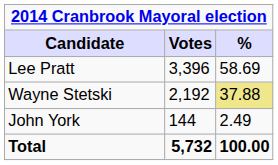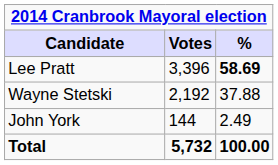 <table class="wikitable sortable">
 <tr>
 <td colspan="3" style="text-align:center;"><strong><a href='#'>2014 Cranbrook Mayoral election</a></strong></td>
 </tr>
 <tr>
 <th style="background:#ddf; width:150px;">Candidate</th>
 <th style="background:#ddf;">Votes</th>
 <th style="background:#ddf;">%</th>
 </tr>
 <tr>
 <td>Lee Pratt</td>
 <td>3,396</td>
-<td>58.69</td>
+<td><strong>58.69</strong></td>
 </tr>
 <tr>
 <td>Wayne Stetski</td>
 <td>2,192</td>
-<td style="background: khaki;">37.88</td>
+<td>37.88</td>
 </tr>
 <tr>
 <td>John York</td>
 <td>144</td>
 <td>2.49</td>
 </tr>
 <tr>
 <td><strong>Total</strong></td>
 <td align=right><strong>5,732</strong></td>
 <td align=right><strong>100.00</strong></td>
 </tr>
 </table>
